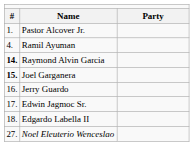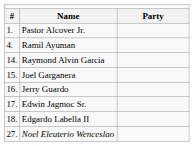 <table class=wikitable style="font-size:90%">
 <tr>
 <td colspan=4 bgcolor=></td>
 </tr>
 <tr>
 <th>#</th>
 <th width=150px>Name</th>
 <th colspan=2 width=110px>Party</th>
 </tr>
 <tr>
 <td>1.</td>
 <td>Pastor Alcover Jr.</td>
 <td></td>
 </tr>
 <tr>
 <td>4.</td>
 <td>Ramil Ayuman</td>
 <td></td>
 </tr>
 <tr>
-<td><strong>14.</strong></td>
+<td>14.</td>
 <td>Raymond Alvin Garcia</td>
 <td></td>
 </tr>
 <tr>
-<td><strong>15.</strong></td>
+<td>15.</td>
 <td>Joel Garganera</td>
 <td></td>
 </tr>
 <tr>
 <td>16.</td>
 <td>Jerry Guardo</td>
 <td></td>
 </tr>
 <tr>
 <td>17.</td>
 <td>Edwin Jagmoc Sr.</td>
 <td></td>
 </tr>
 <tr>
 <td>18.</td>
 <td>Edgardo Labella II</td>
 <td></td>
 </tr>
 <tr>
 <td>27.</td>
 <td><em>Noel Eleuterio Wenceslao</em></td>
 <td></td>
 </tr>
 </table>
